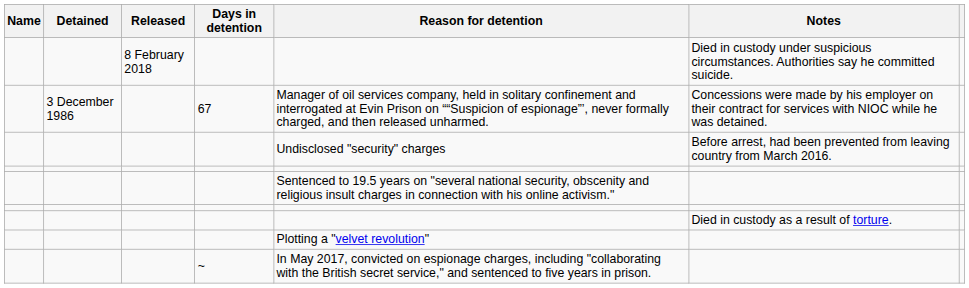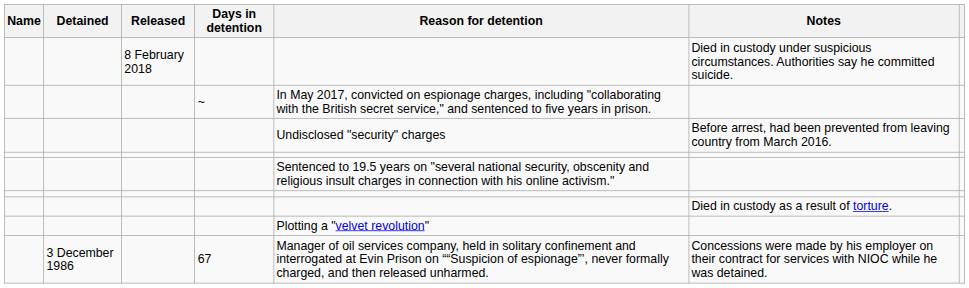 <table class="wikitable sortable">
 <tr>
 <th>Name</th>
 <th>Detained</th>
 <th>Released</th>
 <th>Days in detention</th>
 <th>Reason for detention</th>
 <th>Notes</th>
 <th class="unsortable"></th>
 </tr>
 <tr>
 <td></td>
 <td></td>
 <td>8 February 2018</td>
 <td></td>
 <td></td>
 <td>Died in custody under suspicious circumstances. Authorities say he committed suicide.</td>
 <td align="center"></td>
 </tr>
 <tr>
 <td></td>
-<td>3 December 1986</td>
 <td></td>
-<td>67</td>
-<td>Manager of oil services company, held in solitary confinement and interrogated at Evin Prison on ““Suspicion of espionage”’, never formally charged, and then released unharmed.</td>
-<td>Concessions were made by his employer on their contract for services with NIOC while he was detained.</td>
+<td></td>
+<td>~</td>
+<td>In May 2017, convicted on espionage charges, including "collaborating with the British secret service," and sentenced to five years in prison.</td>
+<td></td>
 <td align="center"></td>
 </tr>
 <tr>
 <td></td>
 <td></td>
 <td></td>
 <td></td>
 <td>Undisclosed "security" charges</td>
 <td>Before arrest, had been prevented from leaving country from March 2016.</td>
 <td align="center"></td>
 </tr>
 <tr>
 <td></td>
 <td></td>
 <td></td>
 <td></td>
 <td></td>
 <td></td>
 <td align="center"></td>
 </tr>
 <tr>
 <td></td>
 <td></td>
 <td></td>
 <td></td>
 <td>Sentenced to 19.5 years on "several national security, obscenity and religious insult charges in connection with his online activism."</td>
 <td></td>
 <td align="center"></td>
 </tr>
 <tr>
 <td></td>
 <td></td>
 <td></td>
 <td></td>
 <td></td>
 <td></td>
 <td align="center"></td>
 </tr>
 <tr>
 <td></td>
 <td></td>
 <td></td>
 <td></td>
 <td></td>
 <td>Died in custody as a result of <a href='#'>torture</a>.</td>
 <td align="center"></td>
 </tr>
 <tr>
 <td></td>
 <td></td>
 <td></td>
 <td></td>
 <td>Plotting a "<a href='#'>velvet revolution</a>"</td>
 <td></td>
 <td align="center"></td>
 </tr>
 <tr>
 <td></td>
+<td>3 December 1986</td>
 <td></td>
-<td></td>
-<td>~</td>
-<td>In May 2017, convicted on espionage charges, including "collaborating with the British secret service," and sentenced to five years in prison.</td>
-<td></td>
+<td>67</td>
+<td>Manager of oil services company, held in solitary confinement and interrogated at Evin Prison on ““Suspicion of espionage”’, never formally charged, and then released unharmed.</td>
+<td>Concessions were made by his employer on their contract for services with NIOC while he was detained.</td>
 <td align="center"></td>
 </tr>
 </table>
